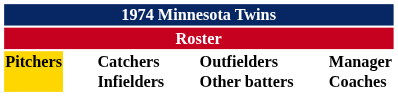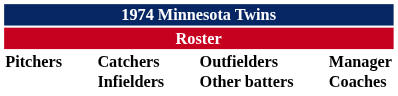 <table class="toccolours" style="font-size: 95%;">
 <tr>
 <th colspan="10" style="background-color: #072764; color: white; text-align: center;">1974 Minnesota Twins</th>
 </tr>
 <tr>
 <td colspan="10" style="background-color: #c6011f; color: white; text-align: center;"><strong>Roster</strong></td>
 </tr>
 <tr>
-<td valign="top" style="background: gold;"><strong>Pitchers</strong><br>            </td>
+<td valign="top"><strong>Pitchers</strong><br>            </td>
 <td width="25px"></td>
 <td valign="top"><strong>Catchers</strong><br>   <strong>Infielders</strong>           </td>
 <td width="25px"></td>
 <td valign="top"><strong>Outfielders</strong><br>    <strong>Other batters</strong> </td>
 <td width="25px"></td>
 <td valign="top"><strong>Manager</strong><br> <strong>Coaches</strong>   </td>
 </tr>
 <tr>
 </tr>
 </table>
